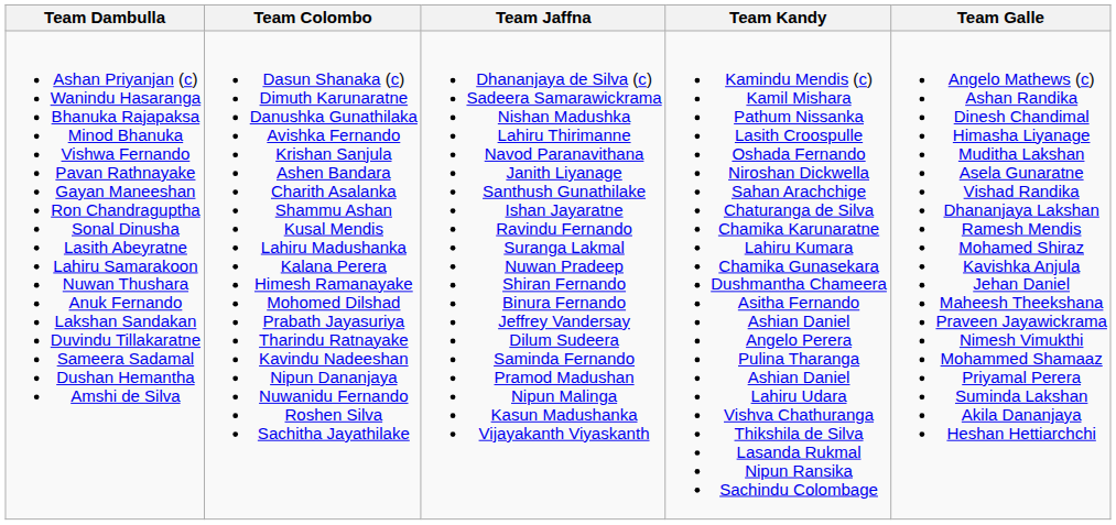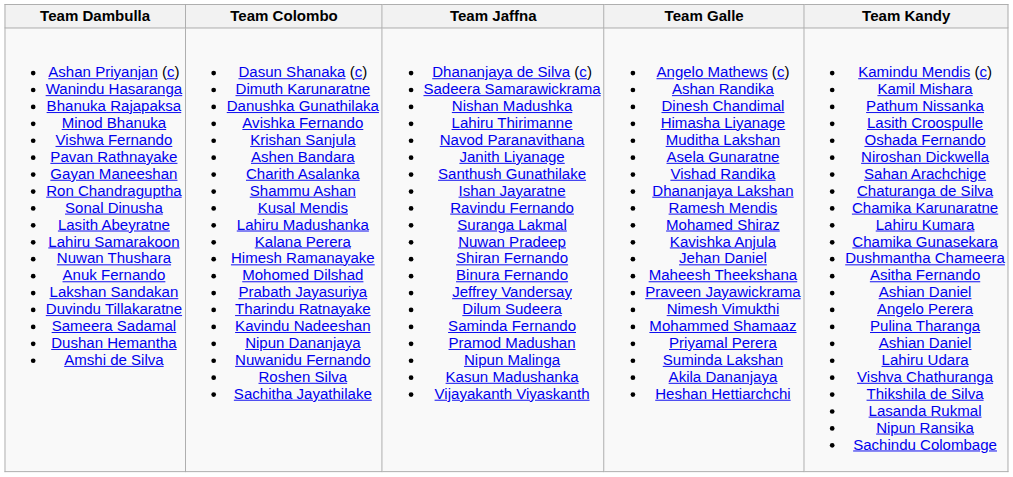 <table class="wikitable" style="text-align:center; margin:auto">
 <tr>
 <th>Team Dambulla</th>
 <th>Team Colombo</th>
 <th>Team Jaffna</th>
+<th>Team Galle</th>
 <th>Team Kandy</th>
-<th>Team Galle</th>
 </tr>
 <tr style="vertical-align:top">
 <td><br><ul><li><a href='#'>Ashan Priyanjan</a> (<a href='#'>c</a>)</li><li><a href='#'>Wanindu Hasaranga</a></li><li><a href='#'>Bhanuka Rajapaksa</a></li><li><a href='#'>Minod Bhanuka</a></li><li><a href='#'>Vishwa Fernando</a></li><li><a href='#'>Pavan Rathnayake</a></li><li><a href='#'>Gayan Maneeshan</a></li><li><a href='#'>Ron Chandraguptha</a></li><li><a href='#'>Sonal Dinusha</a></li><li><a href='#'>Lasith Abeyratne</a></li><li><a href='#'>Lahiru Samarakoon</a></li><li><a href='#'>Nuwan Thushara</a></li><li><a href='#'>Anuk Fernando</a></li><li><a href='#'>Lakshan Sandakan</a></li><li><a href='#'>Duvindu Tillakaratne</a></li><li><a href='#'>Sameera Sadamal</a></li><li><a href='#'>Dushan Hemantha</a></li><li><a href='#'>Amshi de Silva</a></li></ul></td>
 <td><br><ul><li><a href='#'>Dasun Shanaka</a> (<a href='#'>c</a>)</li><li><a href='#'>Dimuth Karunaratne</a></li><li><a href='#'>Danushka Gunathilaka</a></li><li><a href='#'>Avishka Fernando</a></li><li><a href='#'>Krishan Sanjula</a></li><li><a href='#'>Ashen Bandara</a></li><li><a href='#'>Charith Asalanka</a></li><li><a href='#'>Shammu Ashan</a></li><li><a href='#'>Kusal Mendis</a></li><li><a href='#'>Lahiru Madushanka</a></li><li><a href='#'>Kalana Perera</a></li><li><a href='#'>Himesh Ramanayake</a></li><li><a href='#'>Mohomed Dilshad</a></li><li><a href='#'>Prabath Jayasuriya</a></li><li><a href='#'>Tharindu Ratnayake</a></li><li><a href='#'>Kavindu Nadeeshan</a></li><li><a href='#'>Nipun Dananjaya</a></li><li><a href='#'>Nuwanidu Fernando</a></li><li><a href='#'>Roshen Silva</a></li><li><a href='#'>Sachitha Jayathilake</a></li></ul></td>
 <td><br><ul><li><a href='#'>Dhananjaya de Silva</a> (<a href='#'>c</a>)</li><li><a href='#'>Sadeera Samarawickrama</a></li><li><a href='#'>Nishan Madushka</a></li><li><a href='#'>Lahiru Thirimanne</a></li><li><a href='#'>Navod Paranavithana</a></li><li><a href='#'>Janith Liyanage</a></li><li><a href='#'>Santhush Gunathilake</a></li><li><a href='#'>Ishan Jayaratne</a></li><li><a href='#'>Ravindu Fernando</a></li><li><a href='#'>Suranga Lakmal</a></li><li><a href='#'>Nuwan Pradeep</a></li><li><a href='#'>Shiran Fernando</a></li><li><a href='#'>Binura Fernando</a></li><li><a href='#'>Jeffrey Vandersay</a></li><li><a href='#'>Dilum Sudeera</a></li><li><a href='#'>Saminda Fernando</a></li><li><a href='#'>Pramod Madushan</a></li><li><a href='#'>Nipun Malinga</a></li><li><a href='#'>Kasun Madushanka</a></li><li><a href='#'>Vijayakanth Viyaskanth</a></li></ul></td>
+<td><br><ul><li><a href='#'>Angelo Mathews</a> (<a href='#'>c</a>)</li><li><a href='#'>Ashan Randika</a></li><li><a href='#'>Dinesh Chandimal</a></li><li><a href='#'>Himasha Liyanage</a></li><li><a href='#'>Muditha Lakshan</a></li><li><a href='#'>Asela Gunaratne</a></li><li><a href='#'>Vishad Randika</a></li><li><a href='#'>Dhananjaya Lakshan</a></li><li><a href='#'>Ramesh Mendis</a></li><li><a href='#'>Mohamed Shiraz</a></li><li><a href='#'>Kavishka Anjula</a></li><li><a href='#'>Jehan Daniel</a></li><li><a href='#'>Maheesh Theekshana</a></li><li><a href='#'>Praveen Jayawickrama</a></li><li><a href='#'>Nimesh Vimukthi</a></li><li><a href='#'>Mohammed Shamaaz</a></li><li><a href='#'>Priyamal Perera</a></li><li><a href='#'>Suminda Lakshan</a></li><li><a href='#'>Akila Dananjaya</a></li><li><a href='#'>Heshan Hettiarchchi</a></li></ul></td>
 <td><br><ul><li><a href='#'>Kamindu Mendis</a> (<a href='#'>c</a>)</li><li><a href='#'>Kamil Mishara</a></li><li><a href='#'>Pathum Nissanka</a></li><li><a href='#'>Lasith Croospulle</a></li><li><a href='#'>Oshada Fernando</a></li><li><a href='#'>Niroshan Dickwella</a></li><li><a href='#'>Sahan Arachchige</a></li><li><a href='#'>Chaturanga de Silva</a></li><li><a href='#'>Chamika Karunaratne</a></li><li><a href='#'>Lahiru Kumara</a></li><li><a href='#'>Chamika Gunasekara</a></li><li><a href='#'>Dushmantha Chameera</a></li><li><a href='#'>Asitha Fernando</a></li><li><a href='#'>Ashian Daniel</a></li><li><a href='#'>Angelo Perera</a></li><li><a href='#'>Pulina Tharanga</a></li><li><a href='#'>Ashian Daniel</a></li><li><a href='#'>Lahiru Udara</a></li><li><a href='#'>Vishva Chathuranga</a></li><li><a href='#'>Thikshila de Silva</a></li><li><a href='#'>Lasanda Rukmal</a></li><li><a href='#'>Nipun Ransika</a></li><li><a href='#'>Sachindu Colombage</a></li></ul></td>
-<td><br><ul><li><a href='#'>Angelo Mathews</a> (<a href='#'>c</a>)</li><li><a href='#'>Ashan Randika</a></li><li><a href='#'>Dinesh Chandimal</a></li><li><a href='#'>Himasha Liyanage</a></li><li><a href='#'>Muditha Lakshan</a></li><li><a href='#'>Asela Gunaratne</a></li><li><a href='#'>Vishad Randika</a></li><li><a href='#'>Dhananjaya Lakshan</a></li><li><a href='#'>Ramesh Mendis</a></li><li><a href='#'>Mohamed Shiraz</a></li><li><a href='#'>Kavishka Anjula</a></li><li><a href='#'>Jehan Daniel</a></li><li><a href='#'>Maheesh Theekshana</a></li><li><a href='#'>Praveen Jayawickrama</a></li><li><a href='#'>Nimesh Vimukthi</a></li><li><a href='#'>Mohammed Shamaaz</a></li><li><a href='#'>Priyamal Perera</a></li><li><a href='#'>Suminda Lakshan</a></li><li><a href='#'>Akila Dananjaya</a></li><li><a href='#'>Heshan Hettiarchchi</a></li></ul></td>
 </tr>
 </table>
